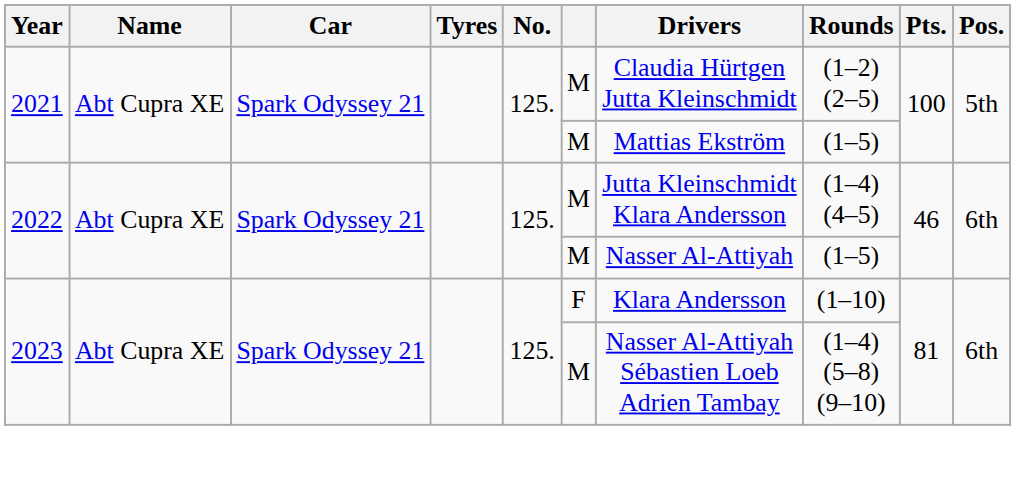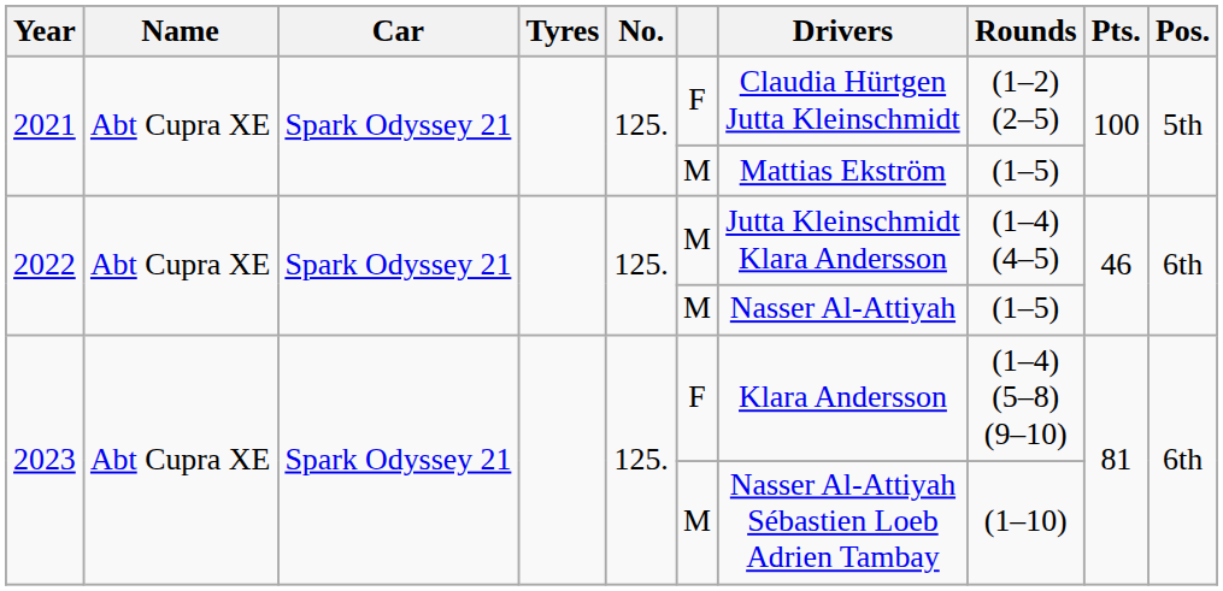 <table class="wikitable" style="text-align:center; font-size:85%;">
 <tr>
 <th>Year</th>
 <th>Name</th>
 <th>Car</th>
 <th>Tyres</th>
 <th>No.</th>
 <th></th>
 <th>Drivers</th>
 <th>Rounds</th>
 <th>Pts.</th>
 <th>Pos.</th>
 </tr>
 <tr>
 <td rowspan="2"><a href='#'>2021</a></td>
 <td rowspan="2"> <a href='#'>Abt</a> Cupra XE</td>
 <td rowspan="2"><a href='#'>Spark Odyssey 21</a></td>
 <td rowspan="2"></td>
 <td rowspan="2">125.</td>
-<td>M</td>
+<td>F</td>
 <td> <a href='#'>Claudia Hürtgen</a><br> <a href='#'>Jutta Kleinschmidt</a></td>
 <td>(1–2)<br>(2–5)</td>
 <td rowspan="2">100</td>
 <td rowspan="2">5th</td>
 </tr>
 <tr>
 <td>M</td>
 <td> <a href='#'>Mattias Ekström</a></td>
 <td>(1–5)</td>
 </tr>
 <tr>
 <td rowspan="2"><a href='#'>2022</a></td>
 <td rowspan="2"> <a href='#'>Abt</a> Cupra XE</td>
 <td rowspan="2"><a href='#'>Spark Odyssey 21</a></td>
 <td rowspan="2"></td>
 <td rowspan="2">125.</td>
 <td>M</td>
 <td> <a href='#'>Jutta Kleinschmidt</a><br> <a href='#'>Klara Andersson</a></td>
 <td>(1–4)<br>(4–5)</td>
 <td rowspan="2">46</td>
 <td rowspan="2">6th</td>
 </tr>
 <tr>
 <td>M</td>
 <td> <a href='#'>Nasser Al-Attiyah</a></td>
 <td>(1–5)</td>
 </tr>
 <tr>
 <td rowspan="2"><a href='#'>2023</a></td>
 <td rowspan="2"> <a href='#'>Abt</a> Cupra XE</td>
 <td rowspan="2"><a href='#'>Spark Odyssey 21</a></td>
 <td rowspan="2"></td>
 <td rowspan="2">125.</td>
 <td>F</td>
 <td> <a href='#'>Klara Andersson</a></td>
-<td>(1–10)</td>
+<td>(1–4)<br>(5–8)<br>(9–10)</td>
 <td rowspan="2">81</td>
 <td rowspan="2">6th</td>
 </tr>
 <tr>
 <td>M</td>
 <td> <a href='#'>Nasser Al-Attiyah</a><br> <a href='#'>Sébastien Loeb</a><br> <a href='#'>Adrien Tambay</a></td>
-<td>(1–4)<br>(5–8)<br>(9–10)</td>
+<td>(1–10)</td>
 </tr>
 </table>
